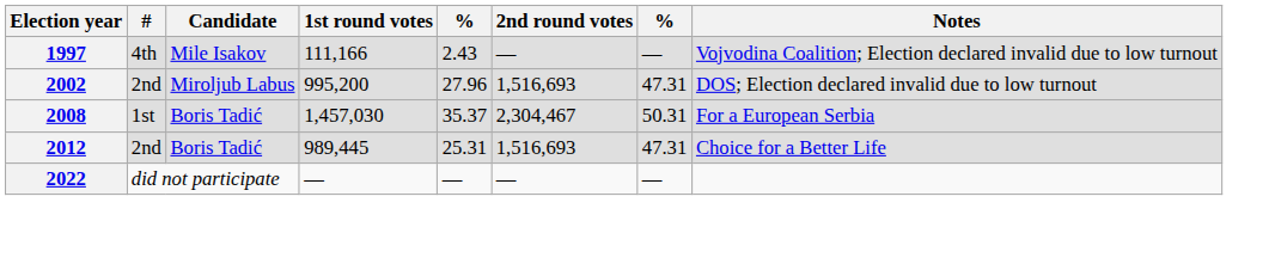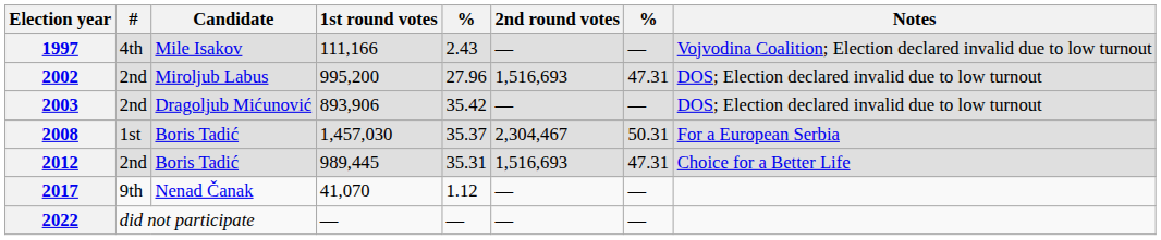 <table class="wikitable">
 <tr>
 <th>Election year</th>
 <th>#</th>
 <th>Candidate</th>
 <th>1st round votes</th>
 <th>%</th>
 <th>2nd round votes</th>
 <th>%</th>
 <th>Notes</th>
 </tr>
 <tr style="background:#dfdfdf;">
 <th><a href='#'>1997</a></th>
 <td>4th</td>
 <td><a href='#'>Mile Isakov</a></td>
 <td>111,166</td>
 <td>2.43</td>
 <td>—</td>
 <td>—</td>
 <td><a href='#'>Vojvodina Coalition</a>; Election declared invalid due to low turnout</td>
 </tr>
 <tr style="background:#dfdfdf;">
 <th><a href='#'>2002</a></th>
 <td> 2nd</td>
 <td><a href='#'>Miroljub Labus</a></td>
 <td>995,200</td>
 <td>27.96</td>
 <td>1,516,693</td>
 <td>47.31</td>
 <td><a href='#'>DOS</a>; Election declared invalid due to low turnout</td>
 </tr>
 <tr style="background:#dfdfdf;">
+<th><a href='#'>2003</a></th>
+<td> 2nd</td>
+<td><a href='#'>Dragoljub Mićunović</a></td>
+<td>893,906</td>
+<td>35.42</td>
+<td>—</td>
+<td>—</td>
+<td><a href='#'>DOS</a>; Election declared invalid due to low turnout</td>
+</tr>
+<tr style="background:#dfdfdf;">
 <th><a href='#'>2008</a></th>
 <td> 1st</td>
 <td><a href='#'>Boris Tadić</a></td>
 <td>1,457,030</td>
 <td>35.37</td>
 <td>2,304,467</td>
 <td>50.31</td>
 <td><a href='#'>For a European Serbia</a></td>
 </tr>
 <tr style="background:#dfdfdf;">
 <th><a href='#'>2012</a></th>
 <td> 2nd</td>
 <td><a href='#'>Boris Tadić</a></td>
 <td>989,445</td>
-<td>25.31</td>
+<td>35.31</td>
 <td>1,516,693</td>
 <td>47.31</td>
 <td><a href='#'>Choice for a Better Life</a></td>
+</tr>
+<tr>
+<th><a href='#'>2017</a></th>
+<td> 9th</td>
+<td><a href='#'>Nenad Čanak</a></td>
+<td>41,070</td>
+<td>1.12</td>
+<td>—</td>
+<td>—</td>
+<td></td>
 </tr>
 <tr>
 <th><a href='#'>2022</a></th>
 <td colspan="2'"><em>did not participate</em></td>
 <td>—</td>
 <td>—</td>
 <td>—</td>
 <td>—</td>
 <td></td>
 </tr>
 </table>
